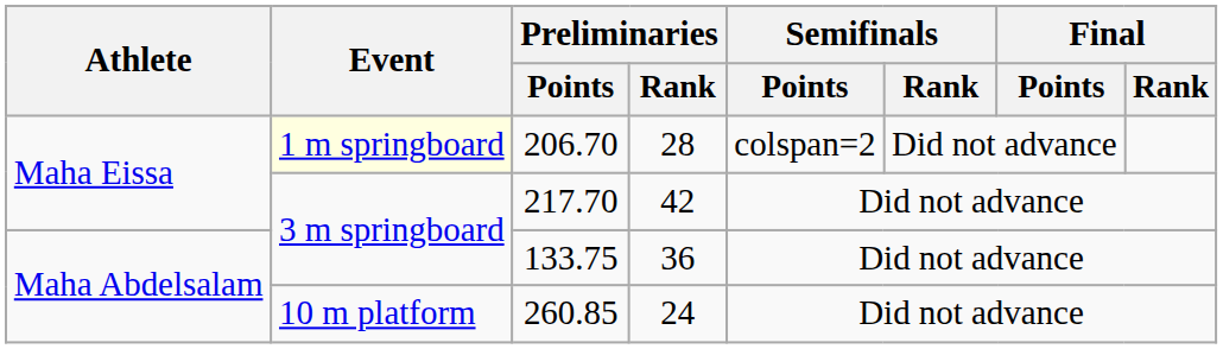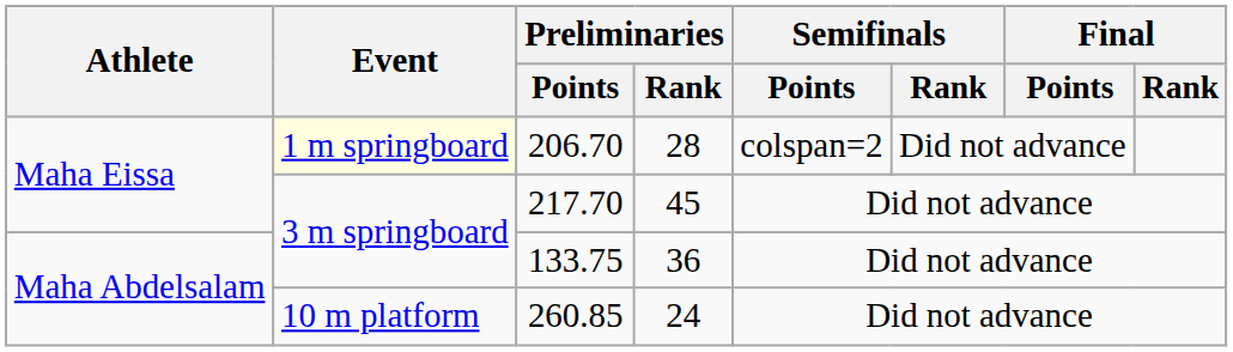 <table class="wikitable" style="text-align:center; font-size:90%">
 <tr>
 <th rowspan=2>Athlete</th>
 <th rowspan=2>Event</th>
 <th colspan=2>Preliminaries</th>
 <th colspan=2>Semifinals</th>
 <th colspan=2>Final</th>
 </tr>
 <tr style="font-size:95%">
 <th>Points</th>
 <th>Rank</th>
 <th>Points</th>
 <th>Rank</th>
 <th>Points</th>
 <th>Rank</th>
 </tr>
 <tr>
 <td align=left rowspan=2><a href='#'>Maha Eissa</a></td>
 <td align=left style="background: lightyellow;"><a href='#'>1 m springboard</a></td>
 <td>206.70</td>
 <td>28</td>
 <td>colspan=2 </td>
 <td colspan=2>Did not advance</td>
 </tr>
 <tr>
 <td align=left rowspan=2><a href='#'>3 m springboard</a></td>
 <td>217.70</td>
-<td>42</td>
+<td>45</td>
 <td colspan=4>Did not advance</td>
 </tr>
 <tr>
 <td align=left rowspan=2><a href='#'>Maha Abdelsalam</a></td>
 <td>133.75</td>
 <td>36</td>
 <td colspan=4>Did not advance</td>
 </tr>
 <tr>
 <td align=left><a href='#'>10 m platform</a></td>
 <td>260.85</td>
 <td>24</td>
 <td colspan=4>Did not advance</td>
 </tr>
 </table>
